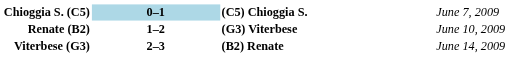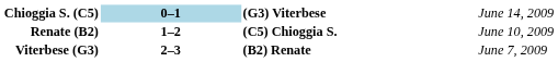 <table width="100%" cellspacing="1">
 <tr>
 <th width="20%"></th>
 <th width="12%"></th>
 <th width="20%"></th>
 <th width="20%'"></th>
 <th></th>
 </tr>
 <tr style="font-size:90%;">
 <td align="right"><strong>Chioggia S. (C5)</strong></td>
 <td align="center" style="background: lightblue;"><strong>0–1</strong></td>
-<td align="left"><strong>(C5) Chioggia S.</strong></td>
-<td align="left"><em>June 7, 2009</em></td>
+<td align="left"><strong>(G3) Viterbese</strong></td>
+<td align="left"><em>June 14, 2009</em></td>
 </tr>
 <tr style="font-size:90%;">
 <td align="right"><strong>Renate (B2)</strong></td>
 <td align="center"><strong>1–2</strong></td>
-<td align="left"><strong>(G3) Viterbese</strong></td>
+<td align="left"><strong>(C5) Chioggia S.</strong></td>
 <td align="left"><em>June 10, 2009</em></td>
 </tr>
 <tr style="font-size:90%;">
 <td align="right"><strong>Viterbese (G3)</strong></td>
 <td align="center"><strong>2–3</strong></td>
 <td align="left"><strong>(B2) Renate</strong></td>
-<td align="left"><em>June 14, 2009</em></td>
+<td align="left"><em>June 7, 2009</em></td>
 </tr>
 </table>
